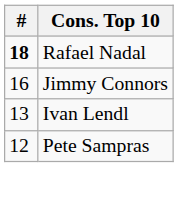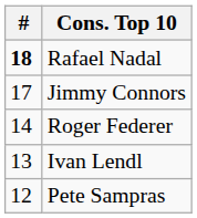 <table class="wikitable" style="display:inline-table;">
 <tr>
 <th width=20>#</th>
 <th>Cons. Top 10</th>
 </tr>
 <tr>
 <td><strong>18</strong></td>
 <td> Rafael Nadal</td>
 </tr>
 <tr>
-<td>16</td>
+<td>17</td>
 <td> Jimmy Connors</td>
+</tr>
+<tr>
+<td>14</td>
+<td> Roger Federer</td>
 </tr>
 <tr>
 <td>13</td>
 <td> Ivan Lendl</td>
 </tr>
 <tr>
 <td>12</td>
 <td> Pete Sampras</td>
 </tr>
 </table>
